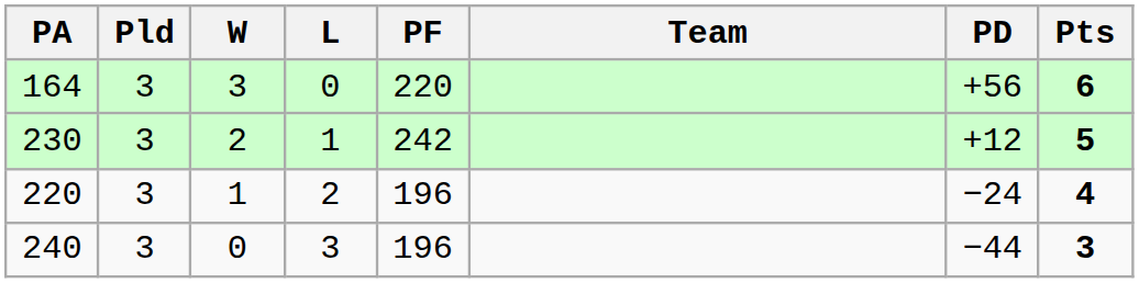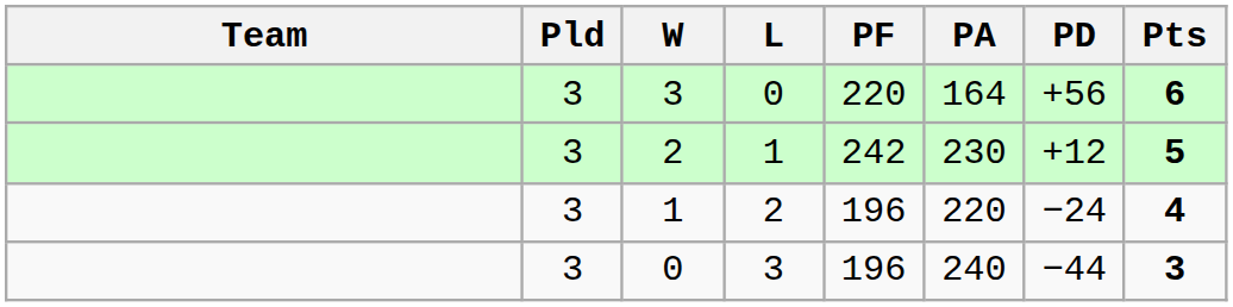 <table class=wikitable style="text-align:center">
 <tr>
-<th width=30>PA</th>
+<th width=180>Team</th>
 <th width=30>Pld</th>
 <th width=30>W</th>
 <th width=30>L</th>
 <th width=30>PF</th>
-<th width=180>Team</th>
+<th width=30>PA</th>
 <th width=30>PD</th>
 <th width=30>Pts</th>
 </tr>
 <tr align=center bgcolor="#ccffcc">
-<td>164</td>
+<td align=left></td>
 <td>3</td>
 <td>3</td>
 <td>0</td>
 <td>220</td>
-<td align=left></td>
+<td>164</td>
 <td>+56</td>
 <td><strong>6</strong></td>
 </tr>
 <tr align=center bgcolor="#ccffcc">
-<td>230</td>
+<td align=left></td>
 <td>3</td>
 <td>2</td>
 <td>1</td>
 <td>242</td>
-<td align=left></td>
+<td>230</td>
 <td>+12</td>
 <td><strong>5</strong></td>
 </tr>
 <tr align=center>
-<td>220</td>
+<td align=left></td>
 <td>3</td>
 <td>1</td>
 <td>2</td>
 <td>196</td>
-<td align=left></td>
+<td>220</td>
 <td>−24</td>
 <td><strong>4</strong></td>
 </tr>
 <tr align=center>
-<td>240</td>
+<td align=left></td>
 <td>3</td>
 <td>0</td>
 <td>3</td>
 <td>196</td>
-<td align=left></td>
+<td>240</td>
 <td>−44</td>
 <td><strong>3</strong></td>
 </tr>
 </table>
